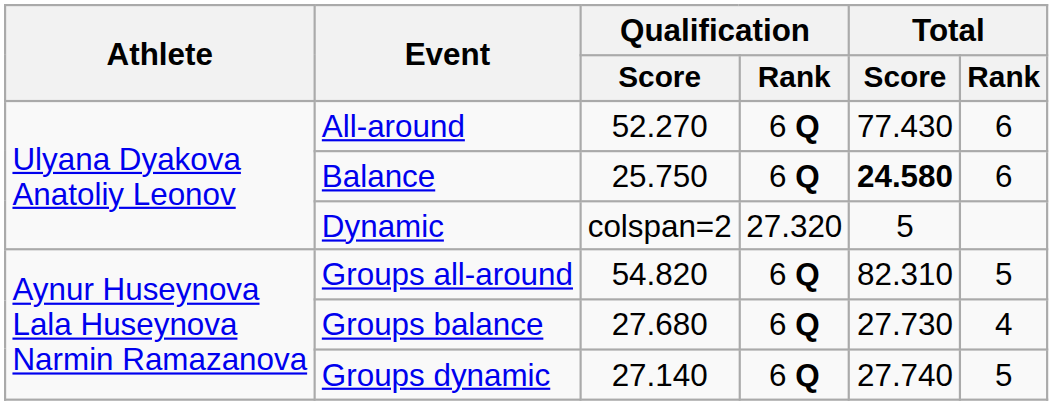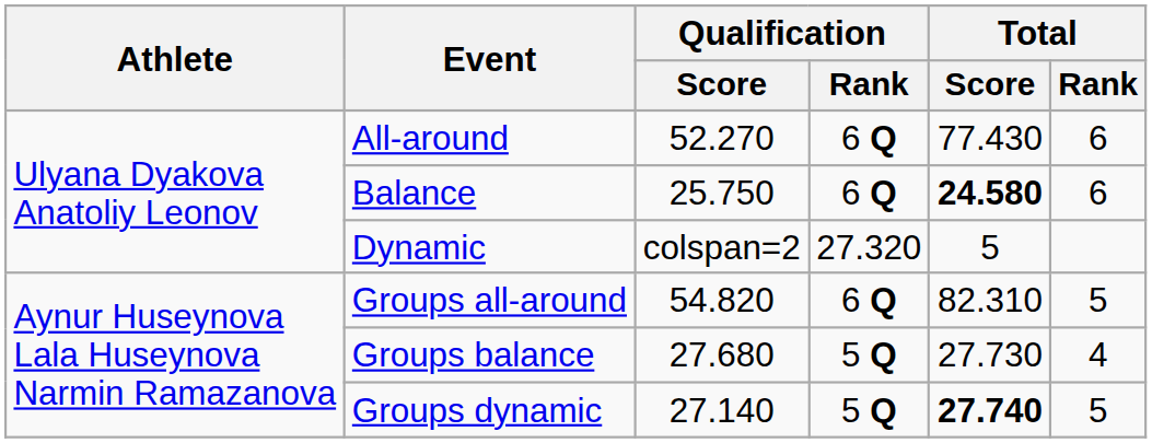 <table class="wikitable" style="font-size:90%">
 <tr>
 <th rowspan=2>Athlete</th>
 <th rowspan=2>Event</th>
 <th colspan=2>Qualification</th>
 <th colspan=2>Total</th>
 </tr>
 <tr style="font-size:95%">
 <th>Score</th>
 <th>Rank</th>
 <th>Score</th>
 <th>Rank</th>
 </tr>
 <tr align=center>
 <td align=left rowspan=3><a href='#'>Ulyana Dyakova</a><br><a href='#'>Anatoliy Leonov</a></td>
 <td align=left><a href='#'>All-around</a></td>
 <td>52.270</td>
 <td>6 <strong>Q</strong></td>
 <td>77.430</td>
 <td>6</td>
 </tr>
 <tr align=center>
 <td align=left><a href='#'>Balance</a></td>
 <td>25.750</td>
 <td>6 <strong>Q</strong></td>
 <td><strong>24.580</strong></td>
 <td>6</td>
 </tr>
 <tr align=center>
 <td align=left><a href='#'>Dynamic</a></td>
 <td>colspan=2 </td>
 <td>27.320</td>
 <td>5</td>
 </tr>
 <tr align=center>
 <td align=left rowspan=3><a href='#'>Aynur Huseynova</a><br><a href='#'>Lala Huseynova</a><br><a href='#'>Narmin Ramazanova</a></td>
 <td align=left><a href='#'>Groups all-around</a></td>
 <td>54.820</td>
 <td>6 <strong>Q</strong></td>
 <td>82.310</td>
 <td>5</td>
 </tr>
 <tr align=center>
 <td align=left><a href='#'>Groups balance</a></td>
 <td>27.680</td>
-<td>6 <strong>Q</strong></td>
+<td>5 <strong>Q</strong></td>
 <td>27.730</td>
 <td>4</td>
 </tr>
 <tr align=center>
 <td align=left><a href='#'>Groups dynamic</a></td>
 <td>27.140</td>
-<td>6 <strong>Q</strong></td>
-<td>27.740</td>
+<td>5 <strong>Q</strong></td>
+<td><strong>27.740</strong></td>
 <td>5</td>
 </tr>
 </table>
